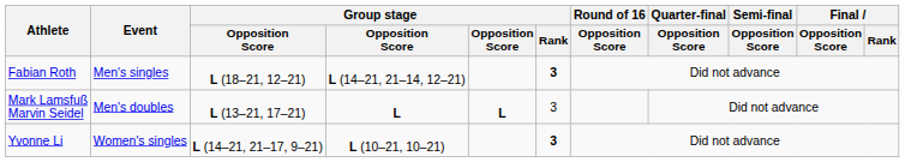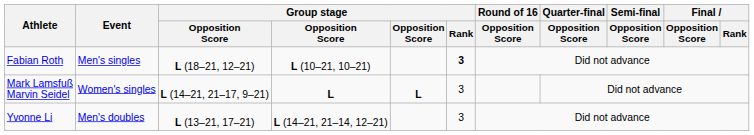 <table class="wikitable" style="font-size:90%">
 <tr>
 <th rowspan="2">Athlete</th>
 <th rowspan="2">Event</th>
 <th colspan="4">Group stage</th>
 <th>Round of 16</th>
 <th>Quarter-final</th>
 <th>Semi-final</th>
 <th colspan="2">Final / </th>
 </tr>
 <tr style="font-size:95%">
 <th>Opposition<br>Score</th>
 <th>Opposition<br>Score</th>
 <th>Opposition<br>Score</th>
 <th>Rank</th>
 <th>Opposition<br>Score</th>
 <th>Opposition<br>Score</th>
 <th>Opposition<br>Score</th>
 <th>Opposition<br>Score</th>
 <th>Rank</th>
 </tr>
 <tr align="center">
 <td align="left"><a href='#'>Fabian Roth</a></td>
 <td align="left"><a href='#'>Men's singles</a></td>
 <td><br><strong>L</strong> (18–21, 12–21)</td>
-<td><br><strong>L</strong> (14–21, 21–14, 12–21)</td>
+<td><br><strong>L</strong> (10–21, 10–21)</td>
 <td></td>
 <td><strong>3</strong></td>
 <td colspan=5>Did not advance</td>
 </tr>
 <tr align="center">
 <td align="left"><a href='#'>Mark Lamsfuß</a><br><a href='#'>Marvin Seidel</a></td>
-<td align="left"><a href='#'>Men's doubles</a></td>
-<td><br><strong>L</strong> (13–21, 17–21)</td>
+<td align="left"><a href='#'>Women's singles</a></td>
+<td><br><strong>L</strong> (14–21, 21–17, 9–21)</td>
 <td><br><strong>L</strong></td>
 <td><br><strong>L</strong></td>
 <td>3</td>
 <td></td>
 <td colspan=4>Did not advance</td>
 </tr>
 <tr align="center">
 <td align="left"><a href='#'>Yvonne Li</a></td>
-<td align="left"><a href='#'>Women's singles</a></td>
-<td><br><strong>L</strong> (14–21, 21–17, 9–21)</td>
-<td><br><strong>L</strong> (10–21, 10–21)</td>
+<td align="left"><a href='#'>Men's doubles</a></td>
+<td><br><strong>L</strong> (13–21, 17–21)</td>
+<td><br><strong>L</strong> (14–21, 21–14, 12–21)</td>
 <td></td>
-<td><strong>3</strong></td>
+<td>3</td>
 <td colspan=5>Did not advance</td>
 </tr>
 </table>
